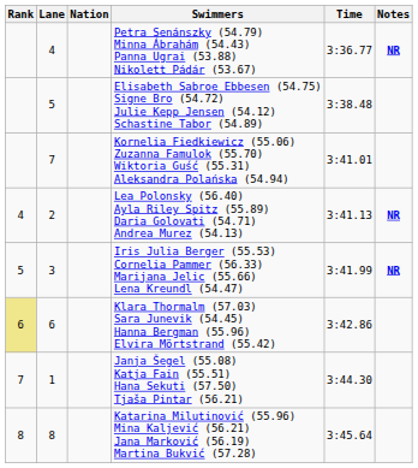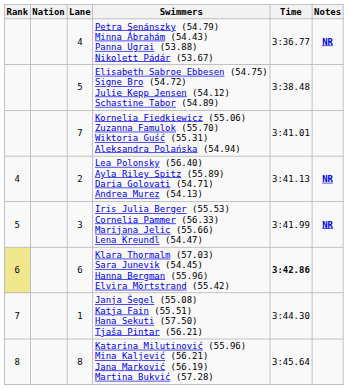 <table class="wikitable sortable" style="text-align:center">
 <tr>
 <th>Rank</th>
+<th>Nation</th>
 <th>Lane</th>
-<th>Nation</th>
 <th>Swimmers</th>
 <th>Time</th>
 <th>Notes</th>
 </tr>
 <tr>
 <td></td>
+<td align=left></td>
 <td>4</td>
-<td align=left></td>
 <td align=left><a href='#'>Petra Senánszky</a> (54.79)<br><a href='#'>Minna Ábrahám</a> (54.43)<br><a href='#'>Panna Ugrai</a> (53.88)<br><a href='#'>Nikolett Pádár</a> (53.67)</td>
 <td>3:36.77</td>
 <td><strong><a href='#'>NR</a></strong></td>
 </tr>
 <tr>
 <td></td>
+<td align=left></td>
 <td>5</td>
-<td align=left></td>
 <td align=left><a href='#'>Elisabeth Sabroe Ebbesen</a> (54.75)<br><a href='#'>Signe Bro</a> (54.72)<br><a href='#'>Julie Kepp Jensen</a> (54.12)<br><a href='#'>Schastine Tabor</a> (54.89)</td>
 <td>3:38.48</td>
 <td></td>
 </tr>
 <tr>
 <td></td>
+<td align=left></td>
 <td>7</td>
-<td align=left></td>
 <td align=left><a href='#'>Kornelia Fiedkiewicz</a> (55.06)<br><a href='#'>Zuzanna Famulok</a> (55.70)<br><a href='#'>Wiktoria Guść</a> (55.31)<br><a href='#'>Aleksandra Polańska</a> (54.94)</td>
 <td>3:41.01</td>
 <td></td>
 </tr>
 <tr>
 <td>4</td>
+<td align=left></td>
 <td>2</td>
-<td align=left></td>
 <td align=left><a href='#'>Lea Polonsky</a> (56.40)<br><a href='#'>Ayla Riley Spitz</a> (55.89)<br><a href='#'>Daria Golovati</a> (54.71)<br><a href='#'>Andrea Murez</a> (54.13)</td>
 <td>3:41.13</td>
 <td><strong><a href='#'>NR</a></strong></td>
 </tr>
 <tr>
 <td>5</td>
+<td align=left></td>
 <td>3</td>
-<td align=left></td>
 <td align=left><a href='#'>Iris Julia Berger</a> (55.53)<br><a href='#'>Cornelia Pammer</a> (56.33)<br><a href='#'>Marijana Jelic</a> (55.66)<br><a href='#'>Lena Kreundl</a> (54.47)</td>
 <td>3:41.99</td>
 <td><strong><a href='#'>NR</a></strong></td>
 </tr>
 <tr>
 <td style="background: khaki;">6</td>
+<td align=left></td>
 <td>6</td>
-<td align=left></td>
 <td align=left><a href='#'>Klara Thormalm</a> (57.03)<br><a href='#'>Sara Junevik</a> (54.45)<br><a href='#'>Hanna Bergman</a> (55.96)<br><a href='#'>Elvira Mörtstrand</a> (55.42)</td>
-<td>3:42.86</td>
+<td><strong>3:42.86</strong></td>
 <td></td>
 </tr>
 <tr>
 <td>7</td>
+<td align=left></td>
 <td>1</td>
-<td align=left></td>
 <td align=left><a href='#'>Janja Šegel</a> (55.08)<br><a href='#'>Katja Fain</a> (55.51)<br><a href='#'>Hana Sekuti</a> (57.50)<br><a href='#'>Tjaša Pintar</a> (56.21)</td>
 <td>3:44.30</td>
 <td></td>
 </tr>
 <tr>
 <td>8</td>
+<td align=left></td>
 <td>8</td>
-<td align=left></td>
 <td align=left><a href='#'>Katarina Milutinović</a> (55.96)<br><a href='#'>Mina Kaljević</a> (56.21)<br><a href='#'>Jana Marković</a> (56.19)<br><a href='#'>Martina Bukvić</a> (57.28)</td>
 <td>3:45.64</td>
 <td></td>
 </tr>
 </table>
